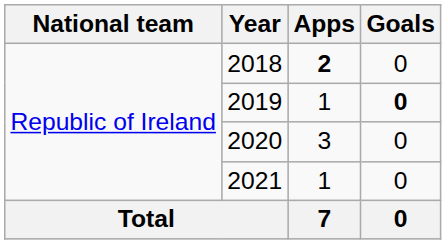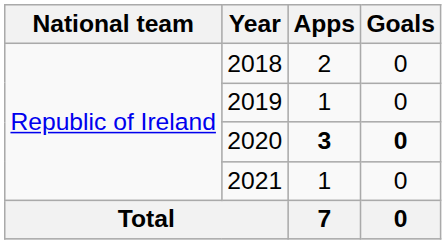 <table class=wikitable style=text-align:center>
 <tr>
 <th>National team</th>
 <th>Year</th>
 <th>Apps</th>
 <th>Goals</th>
 </tr>
 <tr>
 <td rowspan=4><a href='#'>Republic of Ireland</a></td>
 <td>2018</td>
-<td><strong>2</strong></td>
+<td>2</td>
 <td>0</td>
 </tr>
 <tr>
 <td>2019</td>
 <td>1</td>
-<td><strong>0</strong></td>
+<td>0</td>
 </tr>
 <tr>
 <td>2020</td>
-<td>3</td>
-<td>0</td>
+<td><strong>3</strong></td>
+<td><strong>0</strong></td>
 </tr>
 <tr>
 <td>2021</td>
 <td>1</td>
 <td>0</td>
 </tr>
 <tr>
 <th colspan=2>Total</th>
 <th>7</th>
 <th>0</th>
 </tr>
 </table>
